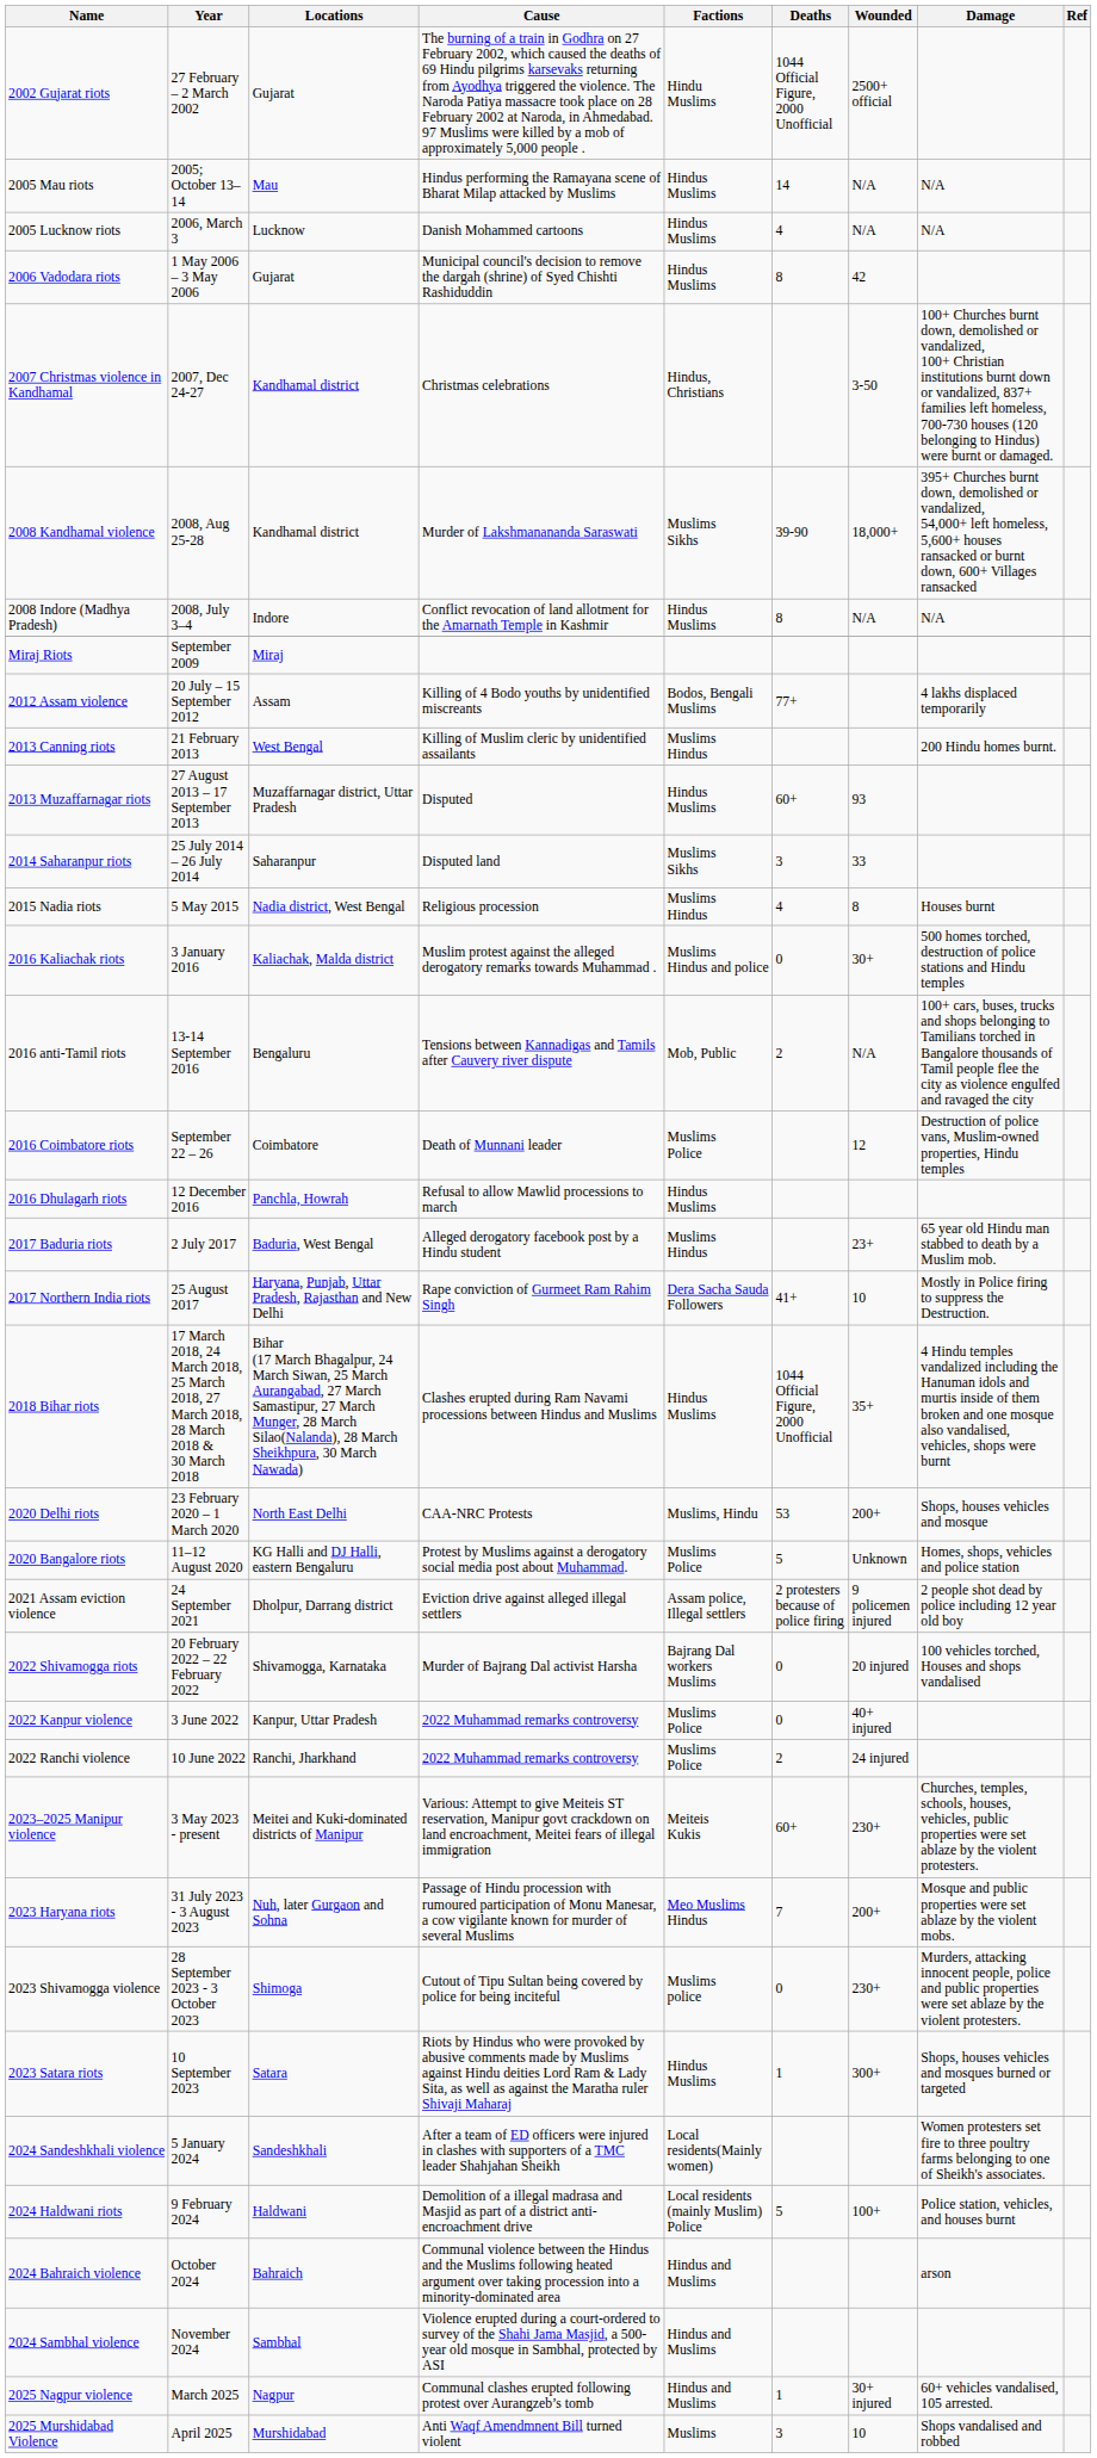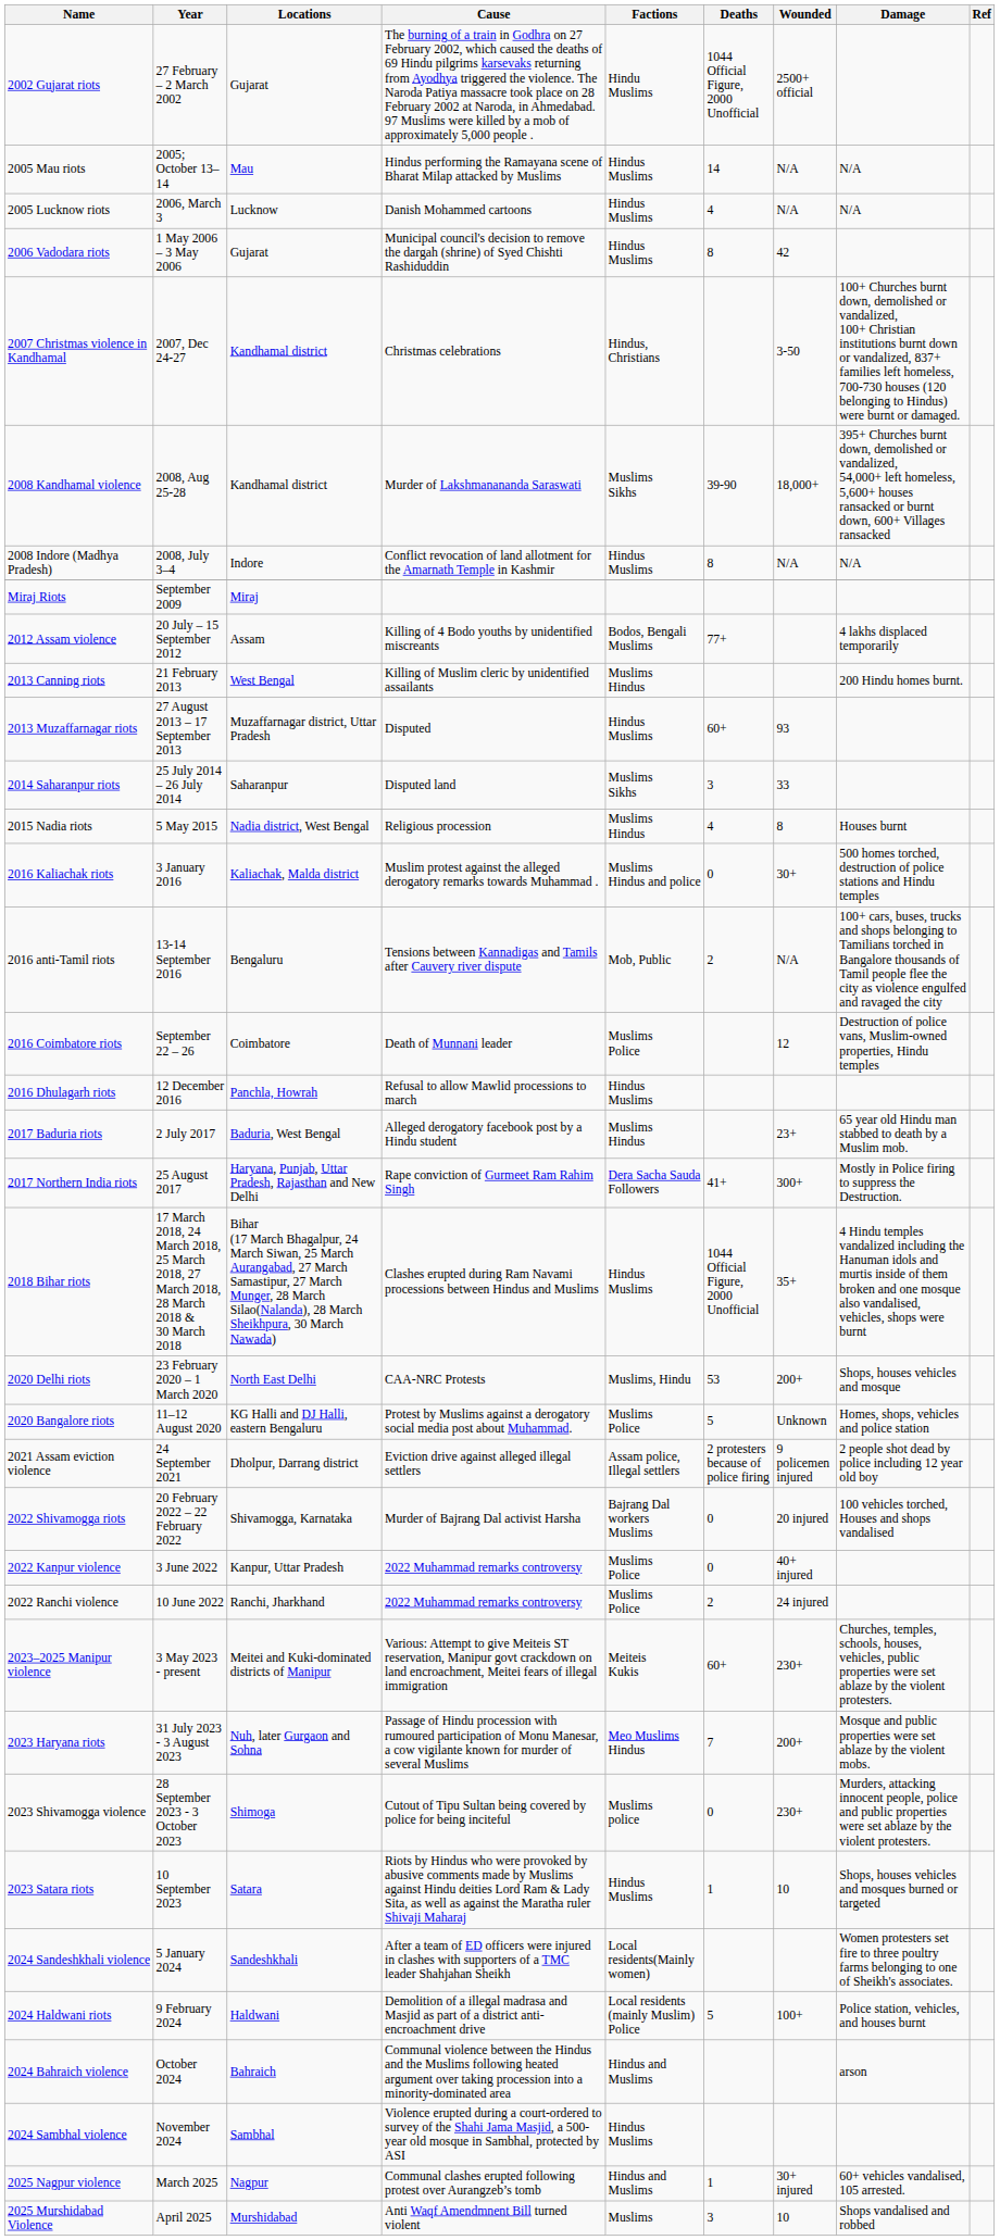 <table class="wikitable sortable">
 <tr>
 <th style="width:15%;">Name</th>
 <th>Year</th>
 <th>Locations</th>
 <th>Cause</th>
 <th>Factions</th>
 <th>Deaths</th>
 <th>Wounded</th>
 <th>Damage</th>
 <th>Ref</th>
 </tr>
 <tr>
 <td><a href='#'>2002 Gujarat riots</a></td>
 <td>27 February – 2 March 2002</td>
 <td>Gujarat</td>
 <td>The <a href='#'>burning of a train</a> in <a href='#'>Godhra</a> on 27 February 2002, which caused the deaths of 69 Hindu pilgrims <a href='#'>karsevaks</a>  returning from <a href='#'>Ayodhya</a> triggered the violence. The Naroda Patiya massacre took place on 28 February 2002 at Naroda, in Ahmedabad. 97 Muslims were killed by a mob of approximately 5,000 people .</td>
 <td>Hindu <br> Muslims</td>
 <td>1044 Official Figure, 2000 Unofficial</td>
 <td>2500+ official</td>
 <td></td>
 <td></td>
 </tr>
 <tr>
 <td>2005 Mau riots</td>
 <td>2005; October 13–14</td>
 <td><a href='#'>Mau</a></td>
 <td>Hindus performing the Ramayana scene of Bharat Milap attacked by Muslims</td>
 <td>Hindus <br> Muslims</td>
 <td>14</td>
 <td>N/A</td>
 <td>N/A</td>
 <td></td>
 </tr>
 <tr>
 <td>2005 Lucknow riots</td>
 <td>2006, March 3</td>
 <td>Lucknow</td>
 <td>Danish Mohammed cartoons</td>
 <td>Hindus <br> Muslims</td>
 <td>4</td>
 <td>N/A</td>
 <td>N/A</td>
 <td></td>
 </tr>
 <tr>
 <td><a href='#'>2006 Vadodara riots</a></td>
 <td>1 May 2006 – 3 May 2006</td>
 <td>Gujarat</td>
 <td>Municipal council's decision to remove the dargah (shrine) of Syed Chishti Rashiduddin</td>
 <td>Hindus<br> Muslims</td>
 <td>8</td>
 <td>42</td>
 <td></td>
 <td></td>
 </tr>
 <tr>
 <td><a href='#'>2007 Christmas violence in Kandhamal</a></td>
 <td>2007, Dec 24-27</td>
 <td><a href='#'>Kandhamal district</a></td>
 <td>Christmas celebrations</td>
 <td>Hindus, Christians</td>
 <td></td>
 <td>3-50</td>
 <td>100+ Churches burnt down, demolished or vandalized,<br>100+ Christian institutions burnt down or vandalized, 837+ families left homeless, 700-730 houses (120 belonging to Hindus) were burnt or damaged.</td>
 <td></td>
 </tr>
 <tr>
 <td><a href='#'>2008 Kandhamal violence</a></td>
 <td>2008, Aug 25-28</td>
 <td>Kandhamal district</td>
 <td>Murder of <a href='#'>Lakshmanananda Saraswati</a></td>
 <td>Muslims<br> Sikhs</td>
 <td>39-90</td>
 <td>18,000+</td>
 <td>395+ Churches burnt down, demolished or vandalized,<br>54,000+ left homeless, 5,600+ houses ransacked or burnt down, 600+ Villages ransacked</td>
 <td></td>
 </tr>
 <tr>
 <td>2008 Indore (Madhya Pradesh)</td>
 <td>2008, July 3–4</td>
 <td>Indore</td>
 <td>Conflict revocation of land allotment for the <a href='#'>Amarnath Temple</a> in Kashmir</td>
 <td>Hindus <br> Muslims</td>
 <td>8</td>
 <td>N/A</td>
 <td>N/A</td>
 <td></td>
 </tr>
 <tr>
 </tr>
 <tr>
 <td><a href='#'>Miraj Riots</a></td>
 <td>September 2009</td>
 <td><a href='#'>Miraj </a></td>
 <td></td>
 <td></td>
 <td></td>
 <td></td>
 <td></td>
 <td></td>
 </tr>
 <tr>
 <td><a href='#'>2012 Assam violence</a></td>
 <td>20 July – 15 September 2012</td>
 <td>Assam</td>
 <td>Killing of 4 Bodo youths by unidentified miscreants</td>
 <td>Bodos, Bengali Muslims</td>
 <td>77+</td>
 <td></td>
 <td>4 lakhs displaced temporarily</td>
 <td></td>
 </tr>
 <tr>
 <td><a href='#'>2013 Canning riots</a></td>
 <td>21 February 2013</td>
 <td><a href='#'>West Bengal</a></td>
 <td>Killing of Muslim cleric by unidentified assailants</td>
 <td>Muslims<br>Hindus</td>
 <td></td>
 <td></td>
 <td>200 Hindu homes burnt.</td>
 <td></td>
 </tr>
 <tr>
 <td><a href='#'>2013 Muzaffarnagar riots</a></td>
 <td>27 August 2013 – 17 September 2013</td>
 <td>Muzaffarnagar district, Uttar Pradesh</td>
 <td>Disputed</td>
 <td>Hindus<br> Muslims</td>
 <td>60+</td>
 <td>93</td>
 <td></td>
 <td></td>
 </tr>
 <tr>
 <td><a href='#'>2014 Saharanpur riots</a></td>
 <td>25 July 2014 – 26 July 2014</td>
 <td>Saharanpur</td>
 <td>Disputed land</td>
 <td>Muslims<br> Sikhs</td>
 <td>3</td>
 <td>33</td>
 <td></td>
 <td></td>
 </tr>
 <tr>
 <td>2015 Nadia riots</td>
 <td>5 May 2015</td>
 <td><a href='#'>Nadia district</a>, West Bengal</td>
 <td>Religious procession</td>
 <td>Muslims<br> Hindus</td>
 <td>4</td>
 <td>8</td>
 <td>Houses burnt</td>
 <td></td>
 </tr>
 <tr>
 <td><a href='#'>2016 Kaliachak riots</a></td>
 <td>3 January 2016</td>
 <td><a href='#'>Kaliachak</a>, <a href='#'>Malda district</a></td>
 <td>Muslim protest against the alleged derogatory remarks towards Muhammad .</td>
 <td>Muslims<br>Hindus and police</td>
 <td>0</td>
 <td>30+</td>
 <td>500 homes torched, destruction of police stations and Hindu temples</td>
 <td></td>
 </tr>
 <tr>
 <td>2016 anti-Tamil riots</td>
 <td>13-14 September 2016</td>
 <td>Bengaluru</td>
 <td>Tensions between <a href='#'>Kannadigas</a> and <a href='#'>Tamils</a> after <a href='#'>Cauvery river dispute</a></td>
 <td>Mob, Public</td>
 <td>2</td>
 <td>N/A</td>
 <td>100+ cars, buses, trucks and shops belonging to Tamilians torched in Bangalore thousands of Tamil people flee the city as violence engulfed and ravaged the city</td>
 <td></td>
 </tr>
 <tr>
 <td><a href='#'>2016 Coimbatore riots</a></td>
 <td>September 22 – 26</td>
 <td>Coimbatore</td>
 <td>Death of <a href='#'>Munnani</a> leader</td>
 <td>Muslims<br>Police</td>
 <td></td>
 <td>12</td>
 <td>Destruction of police vans, Muslim-owned properties, Hindu temples</td>
 <td></td>
 </tr>
 <tr>
 <td><a href='#'>2016 Dhulagarh riots</a></td>
 <td>12 December 2016</td>
 <td><a href='#'>Panchla, Howrah</a></td>
 <td>Refusal to allow Mawlid processions to march</td>
 <td>Hindus<br> Muslims</td>
 <td></td>
 <td></td>
 <td></td>
 <td></td>
 </tr>
 <tr>
 <td><a href='#'>2017 Baduria riots</a></td>
 <td>2 July 2017</td>
 <td><a href='#'>Baduria</a>, West Bengal</td>
 <td>Alleged derogatory facebook post by a Hindu student</td>
 <td>Muslims<br> Hindus</td>
 <td></td>
 <td>23+</td>
 <td>65 year old Hindu man stabbed to death by a Muslim mob.</td>
 <td></td>
 </tr>
 <tr>
 <td><a href='#'>2017 Northern India riots</a></td>
 <td>25 August 2017</td>
 <td><a href='#'>Haryana</a>, <a href='#'>Punjab</a>, <a href='#'>Uttar Pradesh</a>, <a href='#'>Rajasthan</a> and New Delhi</td>
 <td>Rape conviction of <a href='#'>Gurmeet Ram Rahim Singh</a></td>
 <td><a href='#'>Dera Sacha Sauda</a> Followers</td>
 <td>41+</td>
-<td>10</td>
+<td>300+</td>
 <td>Mostly in Police firing to suppress the Destruction.</td>
 <td></td>
 </tr>
 <tr>
 <td><a href='#'>2018 Bihar riots</a></td>
 <td>17 March 2018, 24 March 2018,<br>25 March 2018, 27 March 2018, 28 March<br>2018 &<br>30 March 2018</td>
 <td>Bihar<br>(17 March Bhagalpur, 24 March Siwan, 25 March <a href='#'>Aurangabad</a>, 27 March Samastipur, 27 March <a href='#'>Munger</a>, 28 March Silao(<a href='#'>Nalanda</a>), 28 March <a href='#'>Sheikhpura</a>, 30 March <a href='#'>Nawada</a>)</td>
 <td>Clashes erupted during Ram Navami processions between Hindus and Muslims</td>
 <td>Hindus<br>Muslims</td>
 <td>1044 Official Figure, 2000 Unofficial</td>
 <td>35+</td>
 <td>4 Hindu temples vandalized including the Hanuman idols and murtis inside of them broken and one mosque also vandalised, vehicles, shops were burnt</td>
 <td></td>
 </tr>
 <tr>
 <td><a href='#'>2020 Delhi riots</a></td>
 <td>23 February 2020 – 1 March 2020</td>
 <td><a href='#'>North East Delhi</a></td>
 <td>CAA-NRC Protests</td>
 <td>Muslims, Hindu</td>
 <td>53</td>
 <td>200+</td>
 <td>Shops, houses vehicles and mosque</td>
 <td></td>
 </tr>
 <tr>
 <td><a href='#'>2020 Bangalore riots</a></td>
 <td>11–12 August 2020</td>
 <td>KG Halli and <a href='#'>DJ Halli</a>, eastern Bengaluru</td>
 <td>Protest by Muslims against a derogatory social media post about <a href='#'>Muhammad</a>.</td>
 <td>Muslims<br>Police</td>
 <td>5</td>
 <td>Unknown</td>
 <td>Homes, shops, vehicles and police station</td>
 <td></td>
 </tr>
 <tr>
 <td>2021 Assam eviction violence</td>
 <td>24 September 2021</td>
 <td>Dholpur, Darrang district</td>
 <td>Eviction drive against alleged illegal settlers</td>
 <td>Assam police, Illegal settlers</td>
 <td>2 protesters because of police firing</td>
 <td>9 policemen injured</td>
 <td>2 people shot dead by police including 12 year old boy</td>
 <td></td>
 </tr>
 <tr>
 <td><a href='#'>2022 Shivamogga riots</a></td>
 <td>20 February 2022 – 22 February 2022</td>
 <td>Shivamogga, Karnataka</td>
 <td>Murder of Bajrang Dal activist Harsha</td>
 <td>Bajrang Dal workers<br>Muslims</td>
 <td>0</td>
 <td>20 injured</td>
 <td>100 vehicles torched, Houses and shops vandalised</td>
 <td></td>
 </tr>
 <tr>
 <td><a href='#'>2022 Kanpur violence</a></td>
 <td>3 June 2022</td>
 <td>Kanpur, Uttar Pradesh</td>
 <td><a href='#'>2022 Muhammad remarks controversy</a></td>
 <td>Muslims<br>Police</td>
 <td>0</td>
 <td>40+ injured</td>
 <td></td>
 <td></td>
 </tr>
 <tr>
 <td>2022 Ranchi violence</td>
 <td>10 June 2022</td>
 <td>Ranchi, Jharkhand</td>
 <td><a href='#'>2022 Muhammad remarks controversy</a></td>
 <td>Muslims<br>Police</td>
 <td>2</td>
 <td>24 injured</td>
 <td></td>
 <td></td>
 </tr>
 <tr>
 <td><a href='#'>2023–2025 Manipur violence</a></td>
 <td>3 May 2023 - present</td>
 <td>Meitei and Kuki-dominated districts of <a href='#'>Manipur</a></td>
 <td>Various: Attempt to give Meiteis ST reservation, Manipur govt crackdown on land encroachment, Meitei fears of illegal immigration</td>
 <td>Meiteis<br>Kukis</td>
 <td>60+</td>
 <td>230+</td>
 <td>Churches, temples, schools, houses, vehicles, public properties were set ablaze by the violent protesters.</td>
 <td></td>
 </tr>
 <tr>
 <td><a href='#'>2023 Haryana riots</a></td>
 <td>31 July 2023 - 3 August 2023</td>
 <td><a href='#'>Nuh</a>, later <a href='#'>Gurgaon</a> and <a href='#'>Sohna</a></td>
 <td>Passage of Hindu procession with rumoured participation of Monu Manesar, a cow vigilante known for murder of several Muslims</td>
 <td><a href='#'>Meo Muslims</a><br>Hindus</td>
 <td>7</td>
 <td>200+</td>
 <td>Mosque and public properties were set ablaze by the violent mobs.</td>
 <td></td>
 </tr>
 <tr>
 <td>2023 Shivamogga violence</td>
 <td>28 September 2023 - 3 October 2023</td>
 <td><a href='#'>Shimoga</a></td>
 <td>Cutout of Tipu Sultan being covered by police for being inciteful</td>
 <td>Muslims<br>police</td>
 <td>0</td>
 <td>230+</td>
 <td>Murders, attacking innocent people, police and public properties were set ablaze by the violent protesters.</td>
 <td></td>
 </tr>
 <tr>
 <td><a href='#'>2023 Satara riots</a></td>
 <td>10 September 2023</td>
 <td><a href='#'>Satara</a></td>
 <td>Riots by Hindus who were provoked by abusive comments made by Muslims against Hindu deities Lord Ram & Lady Sita, as well as against the Maratha ruler <a href='#'>Shivaji Maharaj</a></td>
 <td>Hindus<br>Muslims</td>
 <td>1</td>
-<td>300+</td>
+<td>10</td>
 <td>Shops, houses vehicles and mosques burned or targeted</td>
 <td></td>
 </tr>
 <tr>
 <td><a href='#'>2024 Sandeshkhali violence</a></td>
 <td>5 January 2024</td>
 <td><a href='#'>Sandeshkhali</a></td>
 <td>After a team of <a href='#'>ED</a> officers were injured in clashes with supporters of a <a href='#'>TMC</a> leader Shahjahan Sheikh</td>
 <td>Local residents(Mainly women)</td>
 <td></td>
 <td></td>
 <td>Women protesters set fire to three poultry farms belonging to one of Sheikh's associates.</td>
 <td></td>
 </tr>
 <tr>
 <td><a href='#'>2024 Haldwani riots</a></td>
 <td>9 February 2024</td>
 <td><a href='#'>Haldwani</a></td>
 <td>Demolition of a illegal madrasa and Masjid as part of a district anti-encroachment drive</td>
 <td>Local residents (mainly Muslim)<br>Police</td>
 <td>5</td>
 <td>100+</td>
 <td>Police station, vehicles, and houses burnt</td>
 <td></td>
 </tr>
 <tr>
 <td><a href='#'>2024 Bahraich violence</a></td>
 <td>October 2024</td>
 <td><a href='#'>Bahraich</a></td>
 <td>Communal violence between the Hindus and the Muslims following heated argument over taking procession into a minority-dominated area</td>
 <td>Hindus and Muslims</td>
 <td></td>
 <td></td>
 <td>arson</td>
 <td></td>
 </tr>
 <tr>
 <td><a href='#'>2024 Sambhal violence</a></td>
 <td>November 2024</td>
 <td><a href='#'>Sambhal</a></td>
 <td>Violence erupted during a court-ordered to survey of the <a href='#'>Shahi Jama Masjid</a>, a 500-year old mosque in Sambhal, protected by ASI</td>
-<td>Hindus and Muslims</td>
+<td>Hindus<br>Muslims</td>
 <td></td>
 <td></td>
 <td></td>
 <td></td>
 </tr>
 <tr>
 <td><a href='#'>2025 Nagpur violence</a></td>
 <td>March 2025</td>
 <td><a href='#'>Nagpur</a></td>
 <td>Communal clashes erupted following protest over Aurangzeb’s tomb</td>
 <td>Hindus and Muslims</td>
 <td>1</td>
 <td>30+ injured</td>
 <td>60+ vehicles vandalised, 105 arrested.</td>
 <td></td>
 </tr>
 <tr>
 <td><a href='#'>2025 Murshidabad Violence</a></td>
 <td>April 2025</td>
 <td><a href='#'>Murshidabad</a></td>
 <td>Anti <a href='#'>Waqf Amendmnent Bill</a> turned violent</td>
 <td>Muslims</td>
 <td>3</td>
 <td>10</td>
 <td>Shops vandalised and robbed</td>
 <td></td>
 </tr>
 </table>
